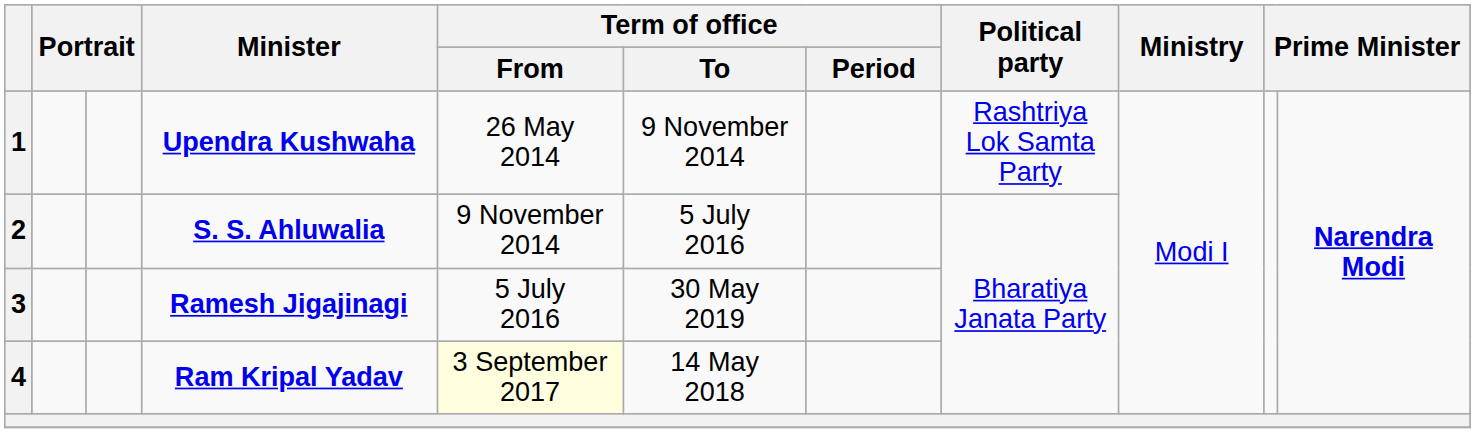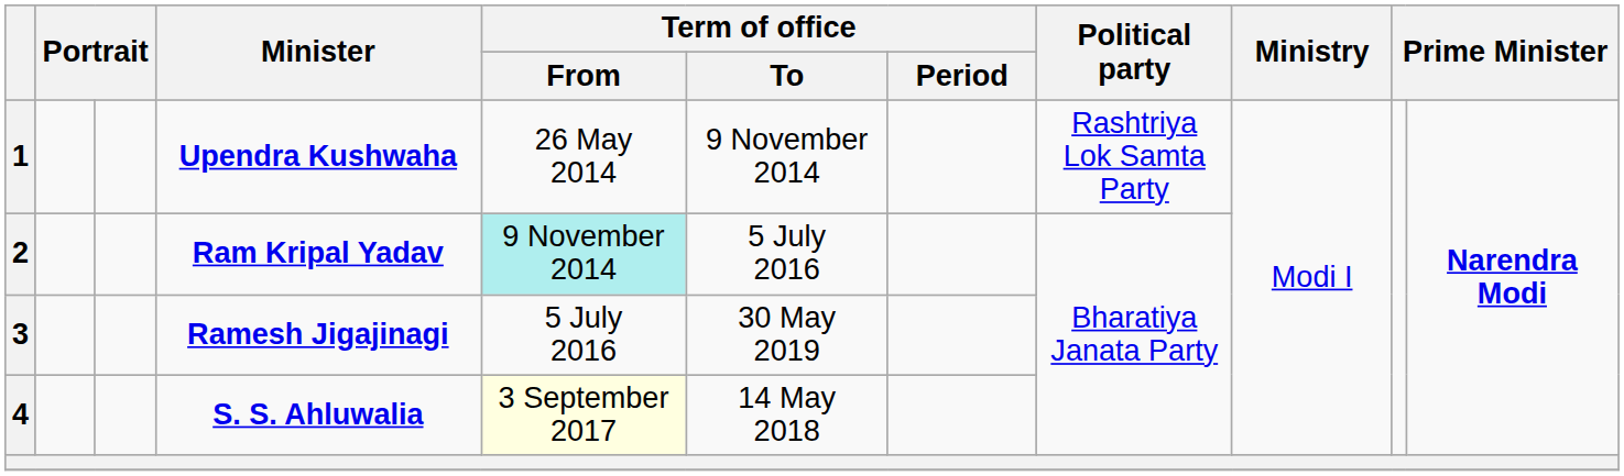 <table class="wikitable" style="text-align:center">
 <tr>
 <th rowspan="2"></th>
 <th rowspan="2" colspan="2">Portrait</th>
 <th rowspan="2" style="width:16em">Minister<br></th>
 <th colspan="3">Term of office</th>
 <th rowspan="2" style="width:8em">Political party</th>
 <th rowspan="2" style="width:6em">Ministry</th>
 <th rowspan="2" colspan="2">Prime Minister</th>
 </tr>
 <tr>
 <th style="width:8em">From</th>
 <th style="width:8em">To</th>
 <th style="width:6em">Period</th>
 </tr>
 <tr>
 <th>1</th>
 <td></td>
 <td></td>
 <td><strong><a href='#'>Upendra Kushwaha</a></strong><br></td>
 <td>26 May<br>2014</td>
 <td>9 November<br>2014</td>
 <td><strong></strong></td>
 <td><a href='#'>Rashtriya Lok Samta Party</a></td>
 <td rowspan="4"><a href='#'>Modi I</a></td>
 <td rowspan="4"></td>
 <td rowspan="4" style="width:9em"><strong><a href='#'>Narendra Modi</a></strong></td>
 </tr>
 <tr>
 <th>2</th>
 <td></td>
 <td></td>
-<td><strong><a href='#'>S. S. Ahluwalia</a></strong><br></td>
-<td>9 November<br>2014</td>
+<td><strong><a href='#'>Ram Kripal Yadav</a></strong><br></td>
+<td style="background: paleturquoise;">9 November<br>2014</td>
 <td>5 July<br>2016</td>
 <td><strong></strong></td>
 <td rowspan="3"><a href='#'>Bharatiya Janata Party</a></td>
 </tr>
 <tr>
 <th>3</th>
 <td></td>
 <td></td>
 <td><strong><a href='#'>Ramesh Jigajinagi</a></strong><br></td>
 <td>5 July<br>2016</td>
 <td>30 May<br>2019</td>
 <td><strong></strong></td>
 </tr>
 <tr>
 <th>4</th>
 <td></td>
 <td></td>
-<td><strong><a href='#'>Ram Kripal Yadav</a></strong><br></td>
+<td><strong><a href='#'>S. S. Ahluwalia</a></strong><br></td>
 <td style="background: lightyellow;">3 September<br>2017</td>
 <td>14 May<br>2018</td>
 <td><strong></strong></td>
 </tr>
 <tr>
 <th colspan="11"></th>
 </tr>
 <tr>
 </tr>
 </table>
